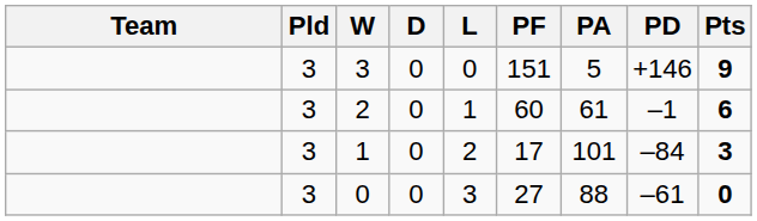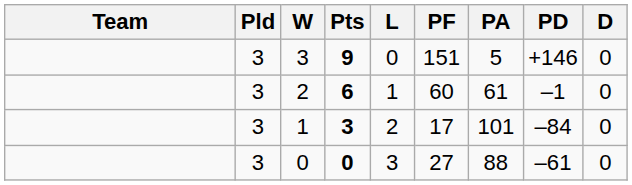 <table class="wikitable" style="text-align:center;">
 <tr>
 <th width=160>Team</th>
 <th width=25 abbr="Played">Pld</th>
 <th width=25 abbr="Won">W</th>
-<th width=25 abbr="Drawn">D</th>
+<th width=25 abbr="Points">Pts</th>
 <th width=25 abbr="Lost">L</th>
 <th width=32 abbr="Points for">PF</th>
 <th width=32 abbr="Points against">PA</th>
 <th width=32 abbr="Points difference">PD</th>
-<th width=25 abbr="Points">Pts</th>
+<th width=25 abbr="Drawn">D</th>
 </tr>
 <tr>
 <td align=left></td>
 <td>3</td>
 <td>3</td>
-<td>0</td>
+<td><strong>9</strong></td>
 <td>0</td>
 <td>151</td>
 <td>5</td>
 <td>+146</td>
-<td><strong>9</strong></td>
+<td>0</td>
 </tr>
 <tr>
 <td align=left></td>
 <td>3</td>
 <td>2</td>
-<td>0</td>
+<td><strong>6</strong></td>
 <td>1</td>
 <td>60</td>
 <td>61</td>
 <td>–1</td>
-<td><strong>6</strong></td>
+<td>0</td>
 </tr>
 <tr>
 <td align=left></td>
 <td>3</td>
 <td>1</td>
-<td>0</td>
+<td><strong>3</strong></td>
 <td>2</td>
 <td>17</td>
 <td>101</td>
 <td>–84</td>
-<td><strong>3</strong></td>
+<td>0</td>
 </tr>
 <tr>
 <td align=left></td>
 <td>3</td>
 <td>0</td>
-<td>0</td>
+<td><strong>0</strong></td>
 <td>3</td>
 <td>27</td>
 <td>88</td>
 <td>–61</td>
-<td><strong>0</strong></td>
+<td>0</td>
 </tr>
 </table>
